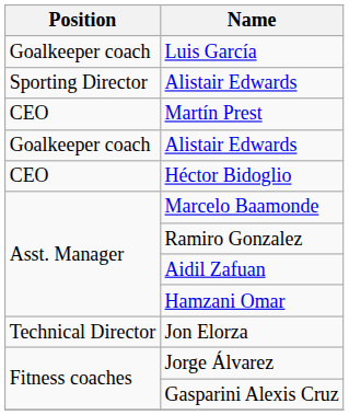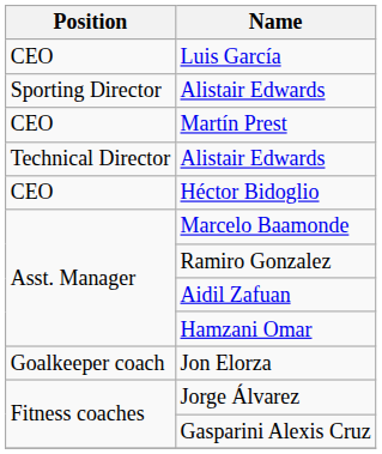 <table class="wikitable">
 <tr>
 <th>Position</th>
 <th>Name</th>
 </tr>
 <tr>
-<td>Goalkeeper coach</td>
+<td>CEO</td>
 <td> <a href='#'>Luis García</a></td>
 </tr>
 <tr>
 <td>Sporting Director</td>
 <td> <a href='#'>Alistair Edwards</a></td>
 </tr>
 <tr>
 <td>CEO</td>
 <td> <a href='#'>Martín Prest</a></td>
 </tr>
 <tr>
-<td>Goalkeeper coach</td>
+<td>Technical Director</td>
 <td> <a href='#'>Alistair Edwards</a></td>
 </tr>
 <tr>
 <td>CEO</td>
 <td> <a href='#'>Héctor Bidoglio</a></td>
 </tr>
 <tr>
 <td rowspan="4">Asst. Manager</td>
 <td> <a href='#'>Marcelo Baamonde</a></td>
 </tr>
 <tr>
 <td> Ramiro Gonzalez</td>
 </tr>
 <tr>
 <td> <a href='#'>Aidil Zafuan</a></td>
 </tr>
 <tr>
 <td> <a href='#'>Hamzani Omar</a></td>
 </tr>
 <tr>
-<td>Technical Director</td>
+<td>Goalkeeper coach</td>
 <td> Jon Elorza</td>
 </tr>
 <tr>
 <td rowspan="2">Fitness coaches</td>
 <td> Jorge Álvarez</td>
 </tr>
 <tr>
 <td> Gasparini Alexis Cruz</td>
 </tr>
 <tr>
 </tr>
 </table>
